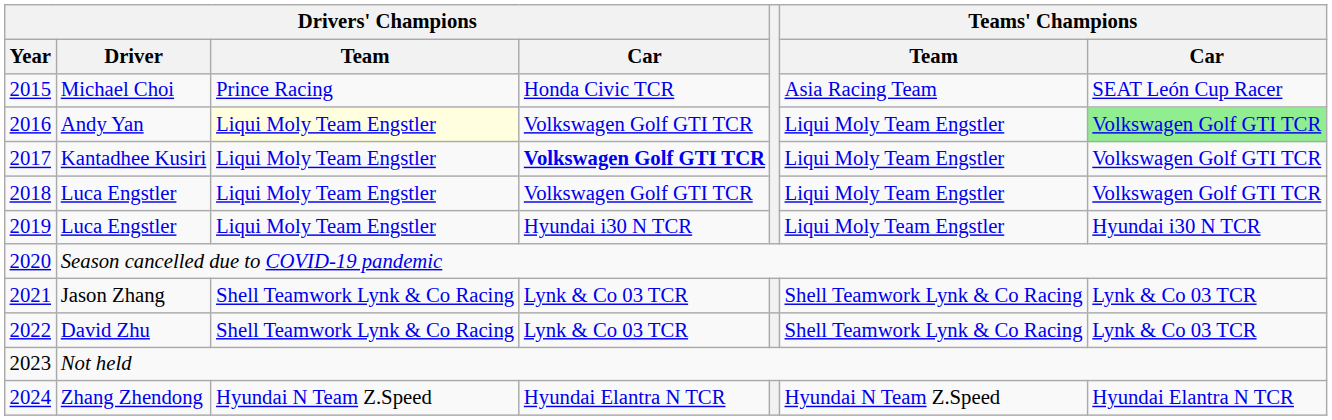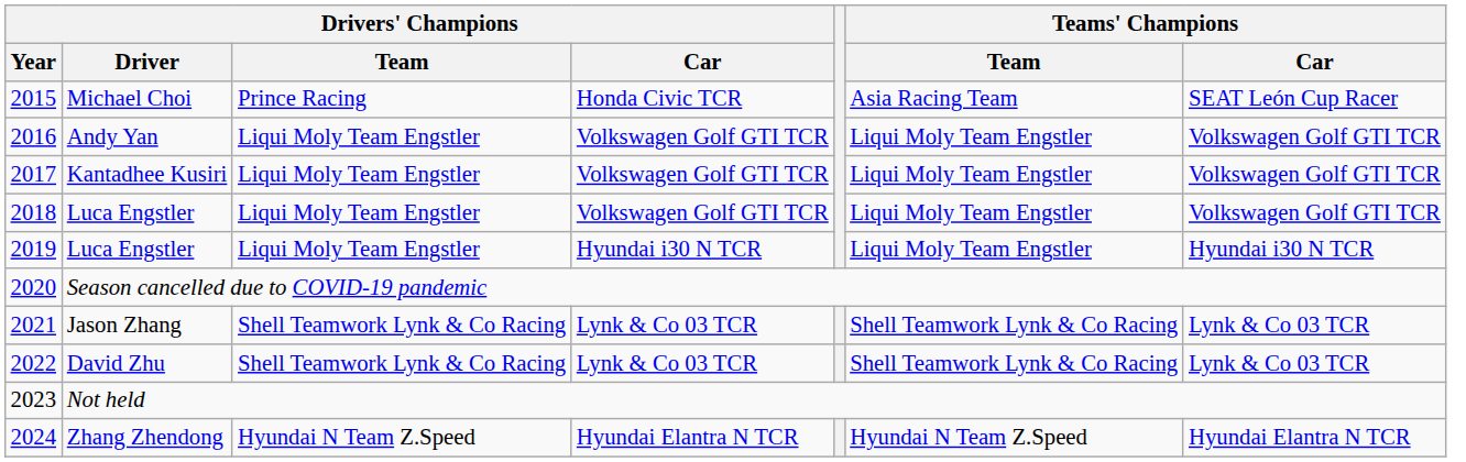 <table class="wikitable" style="font-size: 90%;">
 <tr>
 <th colspan="4">Drivers' Champions</th>
 <th rowspan="7"></th>
 <th colspan="2">Teams' Champions</th>
 </tr>
 <tr>
 <th>Year</th>
 <th>Driver</th>
 <th>Team</th>
 <th>Car</th>
 <th>Team</th>
 <th>Car</th>
 </tr>
 <tr>
 <td><a href='#'>2015</a></td>
 <td> <a href='#'>Michael Choi</a></td>
 <td> <a href='#'>Prince Racing</a></td>
 <td> <a href='#'>Honda Civic TCR</a></td>
 <td> <a href='#'>Asia Racing Team</a></td>
 <td> <a href='#'>SEAT León Cup Racer</a></td>
 </tr>
 <tr>
 <td><a href='#'>2016</a></td>
 <td> <a href='#'>Andy Yan</a></td>
-<td style="background: lightyellow;"> <a href='#'>Liqui Moly Team Engstler</a></td>
+<td> <a href='#'>Liqui Moly Team Engstler</a></td>
 <td> <a href='#'>Volkswagen Golf GTI TCR</a></td>
 <td> <a href='#'>Liqui Moly Team Engstler</a></td>
-<td style="background: lightgreen;"> <a href='#'>Volkswagen Golf GTI TCR</a></td>
+<td> <a href='#'>Volkswagen Golf GTI TCR</a></td>
 </tr>
 <tr>
 <td><a href='#'>2017</a></td>
 <td> <a href='#'>Kantadhee Kusiri</a></td>
 <td> <a href='#'>Liqui Moly Team Engstler</a></td>
-<td><strong> <a href='#'>Volkswagen Golf GTI TCR</a></strong></td>
+<td> <a href='#'>Volkswagen Golf GTI TCR</a></td>
 <td> <a href='#'>Liqui Moly Team Engstler</a></td>
 <td> <a href='#'>Volkswagen Golf GTI TCR</a></td>
 </tr>
 <tr>
 <td><a href='#'>2018</a></td>
 <td> <a href='#'>Luca Engstler</a></td>
 <td> <a href='#'>Liqui Moly Team Engstler</a></td>
 <td> <a href='#'>Volkswagen Golf GTI TCR</a></td>
 <td> <a href='#'>Liqui Moly Team Engstler</a></td>
 <td> <a href='#'>Volkswagen Golf GTI TCR</a></td>
 </tr>
 <tr>
 <td><a href='#'>2019</a></td>
 <td> <a href='#'>Luca Engstler</a></td>
 <td> <a href='#'>Liqui Moly Team Engstler</a></td>
 <td> <a href='#'>Hyundai i30 N TCR</a></td>
 <td> <a href='#'>Liqui Moly Team Engstler</a></td>
 <td> <a href='#'>Hyundai i30 N TCR</a></td>
 </tr>
 <tr>
 <td><a href='#'>2020</a></td>
 <td colspan="6"><em>Season cancelled due to <a href='#'>COVID-19 pandemic</a></em></td>
 </tr>
 <tr>
 <td><a href='#'>2021</a></td>
 <td> Jason Zhang</td>
 <td> <a href='#'>Shell Teamwork Lynk & Co Racing</a></td>
 <td><a href='#'>Lynk & Co 03 TCR</a></td>
 <th></th>
 <td> <a href='#'>Shell Teamwork Lynk & Co Racing</a></td>
 <td><a href='#'>Lynk & Co 03 TCR</a></td>
 </tr>
 <tr>
 <td><a href='#'>2022</a></td>
 <td> <a href='#'>David Zhu</a></td>
 <td> <a href='#'>Shell Teamwork Lynk & Co Racing</a></td>
 <td><a href='#'>Lynk & Co 03 TCR</a></td>
 <th></th>
 <td> <a href='#'>Shell Teamwork Lynk & Co Racing</a></td>
 <td><a href='#'>Lynk & Co 03 TCR</a></td>
 </tr>
 <tr>
 <td>2023</td>
 <td colspan="6"><em>Not held</em></td>
 </tr>
 <tr>
 <td><a href='#'>2024</a></td>
 <td> <a href='#'>Zhang Zhendong</a></td>
 <td> <a href='#'>Hyundai N Team</a> Z.Speed</td>
 <td> <a href='#'>Hyundai Elantra N TCR</a></td>
 <th></th>
 <td> <a href='#'>Hyundai N Team</a> Z.Speed</td>
 <td> <a href='#'>Hyundai Elantra N TCR</a></td>
 </tr>
 </table>
